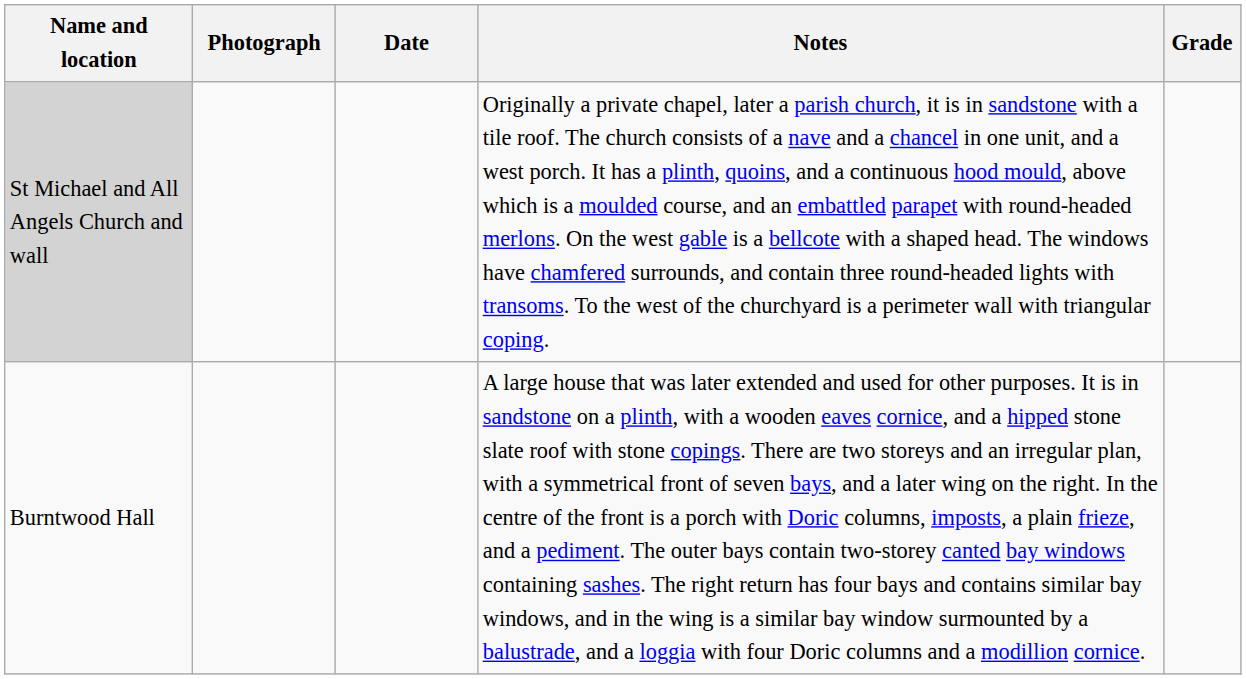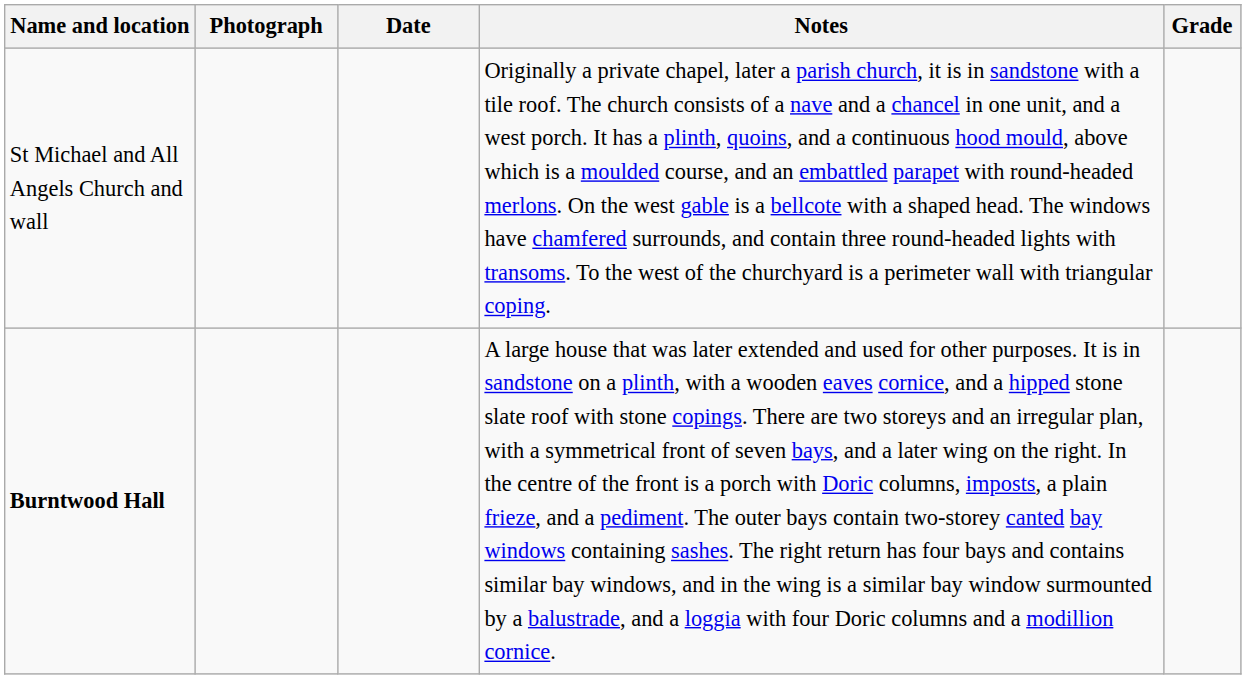 <table class="wikitable sortable plainrowheaders" style="width:100%; border:0; text-align:left; line-height:150%;">
 <tr>
 <th scope="col"  style="width:150px">Name and location</th>
 <th scope="col"  style="width:100px" class="unsortable">Photograph</th>
 <th scope="col"  style="width:120px">Date</th>
 <th scope="col"  style="width:650px" class="unsortable">Notes</th>
 <th scope="col"  style="width:50px">Grade</th>
 </tr>
 <tr>
-<td style="background: lightgrey;">St Michael and All Angels Church and wall<br><small></small></td>
+<td>St Michael and All Angels Church and wall<br><small></small></td>
 <td></td>
 <td align="center"></td>
 <td>Originally a private chapel, later a <a href='#'>parish church</a>, it is in <a href='#'>sandstone</a> with a tile roof.  The church consists of a <a href='#'>nave</a> and a <a href='#'>chancel</a> in one unit, and a west porch.  It has a <a href='#'>plinth</a>, <a href='#'>quoins</a>, and a continuous <a href='#'>hood mould</a>, above which is a <a href='#'>moulded</a> course, and an <a href='#'>embattled</a> <a href='#'>parapet</a> with round-headed <a href='#'>merlons</a>.  On the west <a href='#'>gable</a> is a <a href='#'>bellcote</a> with a shaped head.  The windows have <a href='#'>chamfered</a> surrounds, and contain three round-headed lights with <a href='#'>transoms</a>.  To the west of the churchyard is a perimeter wall with triangular <a href='#'>coping</a>.</td>
 <td align="center" ></td>
 </tr>
 <tr>
-<td>Burntwood Hall<br><small></small></td>
+<td><strong>Burntwood Hall<br><small></small></strong></td>
 <td></td>
 <td align="center"></td>
 <td>A large house that was later extended and used for other purposes.  It is in <a href='#'>sandstone</a> on a <a href='#'>plinth</a>, with a wooden <a href='#'>eaves</a> <a href='#'>cornice</a>, and a <a href='#'>hipped</a> stone slate roof with stone <a href='#'>copings</a>.  There are two storeys and an irregular plan, with a symmetrical front of seven <a href='#'>bays</a>, and a later wing on the right.  In the centre of the front is a porch with <a href='#'>Doric</a> columns, <a href='#'>imposts</a>, a plain <a href='#'>frieze</a>, and a <a href='#'>pediment</a>.  The outer bays contain two-storey <a href='#'>canted</a> <a href='#'>bay windows</a> containing <a href='#'>sashes</a>.  The right return has four bays and contains similar bay windows, and in the wing is a similar bay window surmounted by a <a href='#'>balustrade</a>, and a <a href='#'>loggia</a> with four Doric columns and a <a href='#'>modillion</a> <a href='#'>cornice</a>.</td>
 <td align="center" ></td>
 </tr>
 <tr>
 </tr>
 </table>
